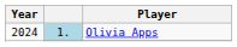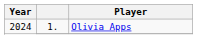 <table class="wikitable">
 <tr>
 <th width=40>Year</th>
 <th width=40></th>
 <th width=170>Player</th>
 </tr>
 <tr>
 <td align=center rowspan=2>2024</td>
-<td align=center style="background: lightblue;">1.</td>
+<td align=center>1.</td>
 <td><a href='#'>Olivia Apps</a></td>
 </tr>
 <tr>
 </tr>
 </table>
